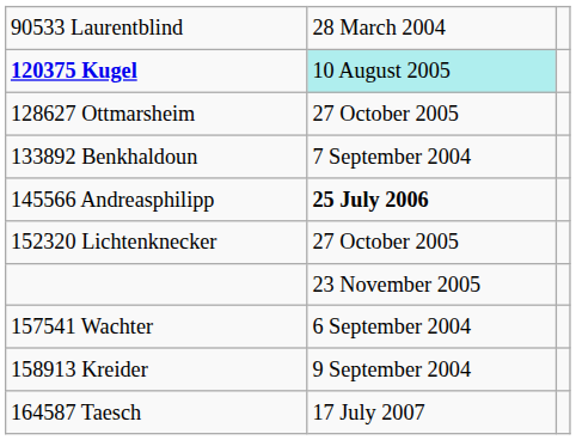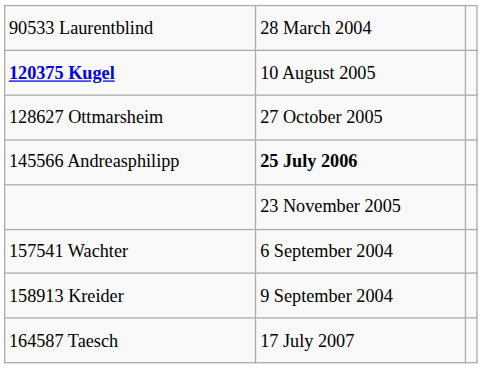 <table class="wikitable" style="font-size: 89%; float: left; width: 26em; margin-right: 1em; height: 280px;">
 <tr>
 <td>90533 Laurentblind</td>
 <td>28 March 2004</td>
 <td></td>
 </tr>
 <tr>
 <td><strong><a href='#'>120375 Kugel</a></strong></td>
-<td style="background: paleturquoise;">10 August 2005</td>
+<td>10 August 2005</td>
 <td></td>
 </tr>
 <tr>
 <td>128627 Ottmarsheim</td>
 <td>27 October 2005</td>
 <td></td>
 </tr>
 <tr>
-<td>133892 Benkhaldoun</td>
-<td>7 September 2004</td>
-<td></td>
-</tr>
-<tr>
 <td>145566 Andreasphilipp</td>
 <td><strong>25 July 2006</strong></td>
-<td></td>
-</tr>
-<tr>
-<td>152320 Lichtenknecker</td>
-<td>27 October 2005</td>
 <td></td>
 </tr>
 <tr>
 <td></td>
 <td>23 November 2005</td>
 <td></td>
 </tr>
 <tr>
 <td>157541 Wachter</td>
 <td>6 September 2004</td>
 <td></td>
 </tr>
 <tr>
 <td>158913 Kreider</td>
 <td>9 September 2004</td>
 <td></td>
 </tr>
 <tr>
 <td>164587 Taesch</td>
 <td>17 July 2007</td>
 <td></td>
 </tr>
 </table>
